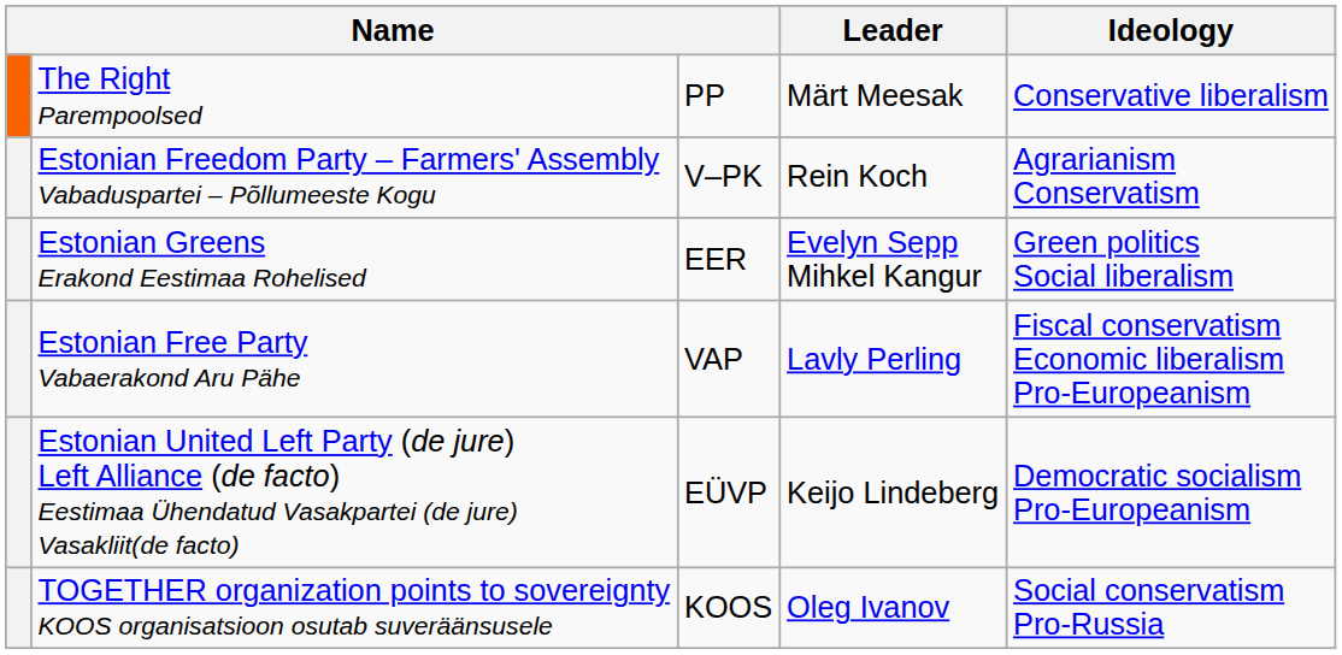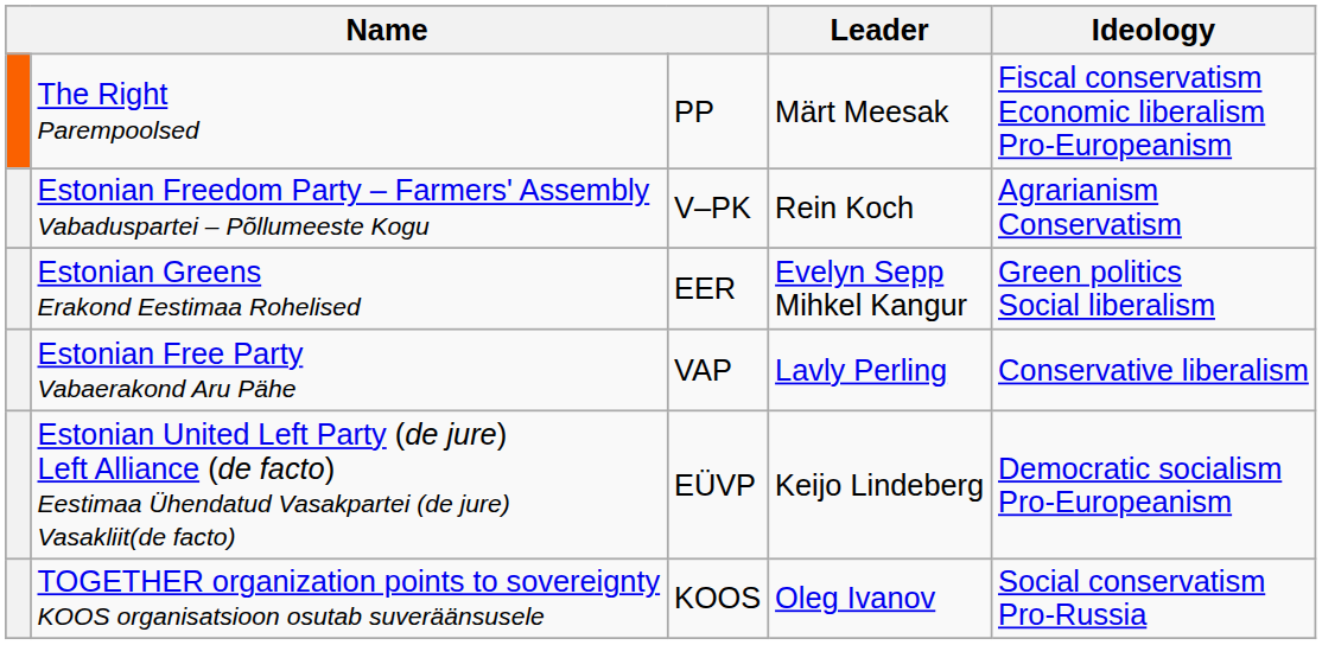 <table class="wikitable sortable" style="font-size:90%">
 <tr>
 <th colspan=3>Name</th>
 <th>Leader</th>
 <th>Ideology</th>
 </tr>
 <tr>
 <th width="5px" style="background-color: #FA6100"></th>
 <td><a href='#'>The Right</a><br><small><em>Parempoolsed</em></small></td>
 <td>PP</td>
 <td>Märt Meesak</td>
-<td><a href='#'>Conservative liberalism</a></td>
+<td><a href='#'>Fiscal conservatism</a> <br><a href='#'>Economic liberalism</a> <br><a href='#'>Pro-Europeanism</a></td>
 </tr>
 <tr>
 <th width="5px" style="background-color: "></th>
 <td><a href='#'>Estonian Freedom Party – Farmers' Assembly</a><br><small><em>Vabaduspartei – Põllumeeste Kogu</em></small></td>
 <td>V–PK</td>
 <td>Rein Koch</td>
 <td><a href='#'>Agrarianism</a><br><a href='#'>Conservatism</a></td>
 </tr>
 <tr>
 <th width="5px" style="background-color: "></th>
 <td><a href='#'>Estonian Greens</a><br><small><em>Erakond Eestimaa Rohelised</em></small></td>
 <td>EER</td>
 <td><a href='#'>Evelyn Sepp</a><br>Mihkel Kangur</td>
 <td><a href='#'>Green politics</a><br><a href='#'>Social liberalism</a></td>
 </tr>
 <tr>
 <th width="5px" style="background-color: "></th>
 <td><a href='#'>Estonian Free Party</a><br><small><em>Vabaerakond Aru Pähe</em></small></td>
 <td>VAP</td>
 <td><a href='#'>Lavly Perling</a></td>
-<td><a href='#'>Fiscal conservatism</a> <br><a href='#'>Economic liberalism</a> <br><a href='#'>Pro-Europeanism</a></td>
+<td><a href='#'>Conservative liberalism</a></td>
 </tr>
 <tr>
 <th width=5px style="background-color: "></th>
 <td><a href='#'>Estonian United Left Party</a> (<em>de jure</em>)<br><a href='#'>Left Alliance</a> (<em>de facto</em>)<br><small><em>Eestimaa Ühendatud Vasakpartei (de jure)</em></small><br><small><em>Vasakliit(de facto)</em></small></td>
 <td>EÜVP</td>
 <td>Keijo Lindeberg</td>
 <td><a href='#'>Democratic socialism</a><br><a href='#'>Pro-Europeanism</a></td>
 </tr>
 <tr>
 <th width=5px style="background-color: "></th>
 <td><a href='#'>TOGETHER organization points to sovereignty</a><br><small><em>KOOS organisatsioon osutab suveräänsusele</em></small></td>
 <td>KOOS</td>
 <td><a href='#'>Oleg Ivanov</a></td>
 <td><a href='#'>Social conservatism</a><br><a href='#'>Pro-Russia</a></td>
 </tr>
 </table>
